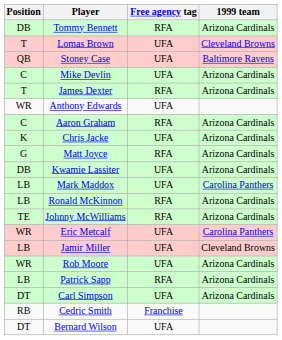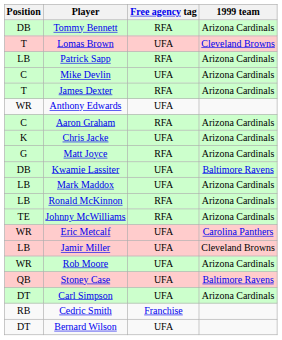 <table class="wikitable" style="text-align:center">
 <tr>
 <th>Position</th>
 <th>Player</th>
 <th><a href='#'><span>Free agency</span></a> tag</th>
 <th>1999 team</th>
 </tr>
 <tr bgcolor=ccffcc>
 <td>DB</td>
 <td><a href='#'>Tommy Bennett</a></td>
 <td>RFA</td>
 <td>Arizona Cardinals</td>
 </tr>
 <tr bgcolor=ffcccc>
 <td>T</td>
 <td><a href='#'>Lomas Brown</a></td>
 <td>UFA</td>
 <td><a href='#'>Cleveland Browns</a></td>
 </tr>
-<tr bgcolor=ffcccc>
-<td>QB</td>
-<td><a href='#'>Stoney Case</a></td>
-<td>UFA</td>
-<td><a href='#'>Baltimore Ravens</a></td>
+<tr bgcolor=ccffcc>
+<td>LB</td>
+<td><a href='#'>Patrick Sapp</a></td>
+<td>RFA</td>
+<td>Arizona Cardinals</td>
 </tr>
 <tr bgcolor=ccffcc>
 <td>C</td>
 <td><a href='#'>Mike Devlin</a></td>
 <td>UFA</td>
 <td>Arizona Cardinals</td>
 </tr>
 <tr bgcolor=ccffcc>
 <td>T</td>
 <td><a href='#'>James Dexter</a></td>
 <td>RFA</td>
 <td>Arizona Cardinals</td>
 </tr>
 <tr>
 <td>WR</td>
 <td><a href='#'>Anthony Edwards</a></td>
 <td>UFA</td>
 </tr>
 <tr bgcolor=ccffcc>
 <td>C</td>
 <td><a href='#'>Aaron Graham</a></td>
 <td>RFA</td>
 <td>Arizona Cardinals</td>
 </tr>
 <tr bgcolor=ccffcc>
 <td>K</td>
 <td><a href='#'>Chris Jacke</a></td>
 <td>UFA</td>
 <td>Arizona Cardinals</td>
 </tr>
 <tr bgcolor=ccffcc>
 <td>G</td>
 <td><a href='#'>Matt Joyce</a></td>
 <td>RFA</td>
 <td>Arizona Cardinals</td>
 </tr>
 <tr bgcolor=ccffcc>
 <td>DB</td>
 <td><a href='#'>Kwamie Lassiter</a></td>
 <td>UFA</td>
-<td>Arizona Cardinals</td>
+<td><a href='#'>Baltimore Ravens</a></td>
 </tr>
 <tr bgcolor=ccffcc>
 <td>LB</td>
 <td><a href='#'>Mark Maddox</a></td>
 <td>UFA</td>
-<td><a href='#'>Carolina Panthers</a></td>
+<td>Arizona Cardinals</td>
 </tr>
 <tr bgcolor=ccffcc>
 <td>LB</td>
 <td><a href='#'>Ronald McKinnon</a></td>
 <td>RFA</td>
 <td>Arizona Cardinals</td>
 </tr>
 <tr bgcolor=ccffcc>
 <td>TE</td>
 <td><a href='#'>Johnny McWilliams</a></td>
 <td>RFA</td>
 <td>Arizona Cardinals</td>
 </tr>
 <tr bgcolor=ffcccc>
 <td>WR</td>
 <td><a href='#'>Eric Metcalf</a></td>
 <td>UFA</td>
 <td><a href='#'>Carolina Panthers</a></td>
 </tr>
 <tr bgcolor=ffcccc>
 <td>LB</td>
 <td><a href='#'>Jamir Miller</a></td>
 <td>UFA</td>
 <td>Cleveland Browns</td>
 </tr>
 <tr bgcolor=ccffcc>
 <td>WR</td>
 <td><a href='#'>Rob Moore</a></td>
 <td>UFA</td>
 <td>Arizona Cardinals</td>
 </tr>
-<tr bgcolor=ccffcc>
-<td>LB</td>
-<td><a href='#'>Patrick Sapp</a></td>
-<td>RFA</td>
-<td>Arizona Cardinals</td>
+<tr bgcolor=ffcccc>
+<td>QB</td>
+<td><a href='#'>Stoney Case</a></td>
+<td>UFA</td>
+<td><a href='#'>Baltimore Ravens</a></td>
 </tr>
 <tr bgcolor=ccffcc>
 <td>DT</td>
 <td><a href='#'>Carl Simpson</a></td>
 <td>UFA</td>
 <td>Arizona Cardinals</td>
 </tr>
 <tr>
 <td>RB</td>
 <td><a href='#'>Cedric Smith</a></td>
 <td><a href='#'>Franchise</a></td>
 <td></td>
 </tr>
 <tr>
 <td>DT</td>
 <td><a href='#'>Bernard Wilson</a></td>
 <td>UFA</td>
 <td></td>
 </tr>
 </table>
